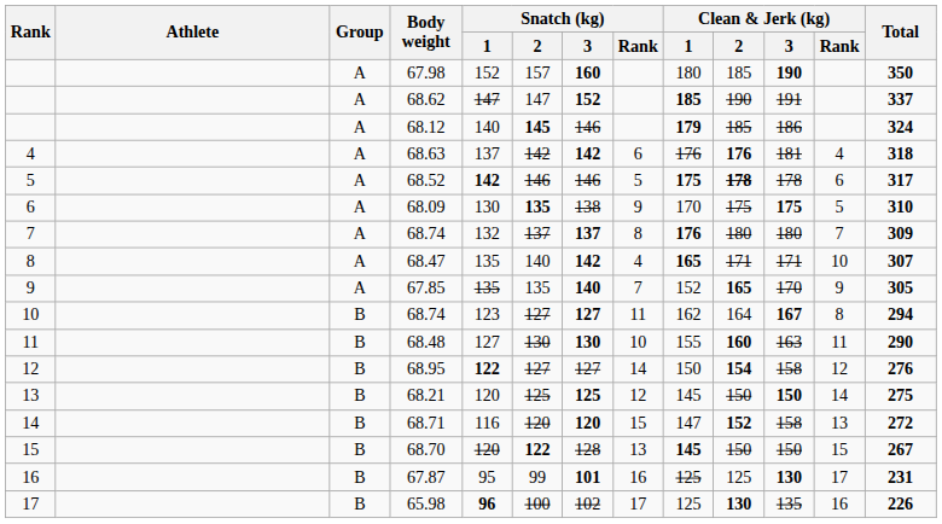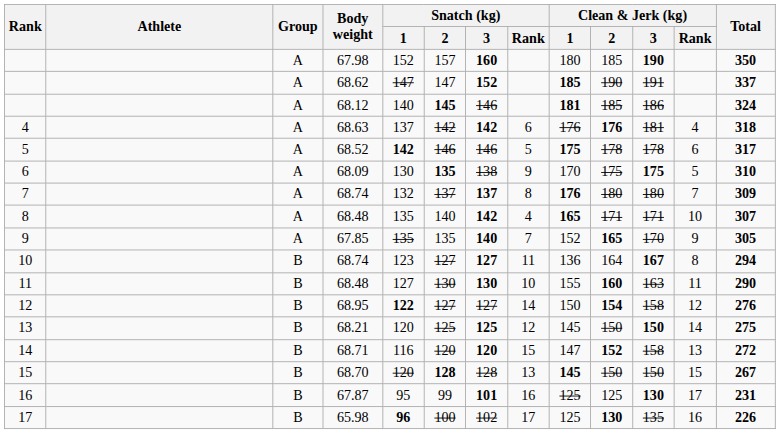 <table class = "wikitable" style="text-align:center;">
 <tr>
 <th rowspan=2 width=40>Rank</th>
 <th rowspan=2 width=250>Athlete</th>
 <th rowspan=2 width=50>Group</th>
 <th rowspan=2 width=60>Body weight</th>
 <th colspan=4>Snatch (kg)</th>
 <th colspan=4>Clean & Jerk (kg)</th>
 <th rowspan=2 width=60>Total</th>
 </tr>
 <tr>
 <th width=40>1</th>
 <th width=40>2</th>
 <th width=40>3</th>
 <th width=40>Rank</th>
 <th width=40>1</th>
 <th width=40>2</th>
 <th width=40>3</th>
 <th width=40>Rank</th>
 </tr>
 <tr>
 <td></td>
 <td align=left></td>
 <td>A</td>
 <td>67.98</td>
 <td>152</td>
 <td>157</td>
 <td><strong>160</strong></td>
 <td></td>
 <td>180</td>
 <td>185</td>
 <td><strong>190</strong></td>
 <td></td>
 <td><strong>350</strong></td>
 </tr>
 <tr>
 <td></td>
 <td align=left></td>
 <td>A</td>
 <td>68.62</td>
 <td><s>147 </s></td>
 <td>147</td>
 <td><strong>152</strong></td>
 <td></td>
 <td><strong>185</strong></td>
 <td><s>190 </s></td>
 <td><s>191 </s></td>
 <td></td>
 <td><strong>337</strong></td>
 </tr>
 <tr>
 <td></td>
 <td align=left></td>
 <td>A</td>
 <td>68.12</td>
 <td>140</td>
 <td><strong>145</strong></td>
 <td><s>146 </s></td>
 <td></td>
-<td><strong>179</strong></td>
+<td><strong>181</strong></td>
 <td><s>185 </s></td>
 <td><s>186 </s></td>
 <td></td>
 <td><strong>324</strong></td>
 </tr>
 <tr>
 <td>4</td>
 <td align=left></td>
 <td>A</td>
 <td>68.63</td>
 <td>137</td>
 <td><s>142 </s></td>
 <td><strong>142</strong></td>
 <td>6</td>
 <td><s>176 </s></td>
 <td><strong>176</strong></td>
 <td><s>181 </s></td>
 <td>4</td>
 <td><strong>318</strong></td>
 </tr>
 <tr>
 <td>5</td>
 <td align=left></td>
 <td>A</td>
 <td>68.52</td>
 <td><strong>142</strong></td>
 <td><s>146 </s></td>
 <td><s>146 </s></td>
 <td>5</td>
 <td><strong>175</strong></td>
-<td><strong><s>178 </s></strong></td>
+<td><s>178 </s></td>
 <td><s>178 </s></td>
 <td>6</td>
 <td><strong>317</strong></td>
 </tr>
 <tr>
 <td>6</td>
 <td align=left></td>
 <td>A</td>
 <td>68.09</td>
 <td>130</td>
 <td><strong>135</strong></td>
 <td><s>138 </s></td>
 <td>9</td>
 <td>170</td>
 <td><s>175 </s></td>
 <td><strong>175</strong></td>
 <td>5</td>
 <td><strong>310</strong></td>
 </tr>
 <tr>
 <td>7</td>
 <td align=left></td>
 <td>A</td>
 <td>68.74</td>
 <td>132</td>
 <td><s>137 </s></td>
 <td><strong>137</strong></td>
 <td>8</td>
 <td><strong>176</strong></td>
 <td><s>180 </s></td>
 <td><s>180 </s></td>
 <td>7</td>
 <td><strong>309</strong></td>
 </tr>
 <tr>
 <td>8</td>
 <td align=left></td>
 <td>A</td>
-<td>68.47</td>
+<td>68.48</td>
 <td>135</td>
 <td>140</td>
 <td><strong>142</strong></td>
 <td>4</td>
 <td><strong>165</strong></td>
 <td><s>171 </s></td>
 <td><s>171 </s></td>
 <td>10</td>
 <td><strong>307</strong></td>
 </tr>
 <tr>
 <td>9</td>
 <td align=left></td>
 <td>A</td>
 <td>67.85</td>
 <td><s>135 </s></td>
 <td>135</td>
 <td><strong>140</strong></td>
 <td>7</td>
 <td>152</td>
 <td><strong>165</strong></td>
 <td><s>170 </s></td>
 <td>9</td>
 <td><strong>305</strong></td>
 </tr>
 <tr>
 <td>10</td>
 <td align=left></td>
 <td>B</td>
 <td>68.74</td>
 <td>123</td>
 <td><s>127 </s></td>
 <td><strong>127</strong></td>
 <td>11</td>
-<td>162</td>
+<td>136</td>
 <td>164</td>
 <td><strong>167</strong></td>
 <td>8</td>
 <td><strong>294</strong></td>
 </tr>
 <tr>
 <td>11</td>
 <td align=left></td>
 <td>B</td>
 <td>68.48</td>
 <td>127</td>
 <td><s>130 </s></td>
 <td><strong>130</strong></td>
 <td>10</td>
 <td>155</td>
 <td><strong>160</strong></td>
 <td><s>163 </s></td>
 <td>11</td>
 <td><strong>290</strong></td>
 </tr>
 <tr>
 <td>12</td>
 <td align=left></td>
 <td>B</td>
 <td>68.95</td>
 <td><strong>122</strong></td>
 <td><s>127 </s></td>
 <td><s>127 </s></td>
 <td>14</td>
 <td>150</td>
 <td><strong>154</strong></td>
 <td><s>158 </s></td>
 <td>12</td>
 <td><strong>276</strong></td>
 </tr>
 <tr>
 <td>13</td>
 <td align=left></td>
 <td>B</td>
 <td>68.21</td>
 <td>120</td>
 <td><s>125 </s></td>
 <td><strong>125</strong></td>
 <td>12</td>
 <td>145</td>
 <td><s>150 </s></td>
 <td><strong>150</strong></td>
 <td>14</td>
 <td><strong>275</strong></td>
 </tr>
 <tr>
 <td>14</td>
 <td align=left></td>
 <td>B</td>
 <td>68.71</td>
 <td>116</td>
 <td><s>120 </s></td>
 <td><strong>120</strong></td>
 <td>15</td>
 <td>147</td>
 <td><strong>152</strong></td>
 <td><s>158 </s></td>
 <td>13</td>
 <td><strong>272</strong></td>
 </tr>
 <tr>
 <td>15</td>
 <td align=left></td>
 <td>B</td>
 <td>68.70</td>
 <td><s>120 </s></td>
-<td><strong>122</strong></td>
+<td><strong>128</strong></td>
 <td><s>128 </s></td>
 <td>13</td>
 <td><strong>145</strong></td>
 <td><s>150 </s></td>
 <td><s>150 </s></td>
 <td>15</td>
 <td><strong>267</strong></td>
 </tr>
 <tr>
 <td>16</td>
 <td align=left></td>
 <td>B</td>
 <td>67.87</td>
 <td>95</td>
 <td>99</td>
 <td><strong>101</strong></td>
 <td>16</td>
 <td><s>125 </s></td>
 <td>125</td>
 <td><strong>130</strong></td>
 <td>17</td>
 <td><strong>231</strong></td>
 </tr>
 <tr>
 <td>17</td>
 <td align=left></td>
 <td>B</td>
 <td>65.98</td>
 <td><strong>96</strong></td>
 <td><s>100 </s></td>
 <td><s>102 </s></td>
 <td>17</td>
 <td>125</td>
 <td><strong>130</strong></td>
 <td><s>135 </s></td>
 <td>16</td>
 <td><strong>226</strong></td>
 </tr>
 </table>
